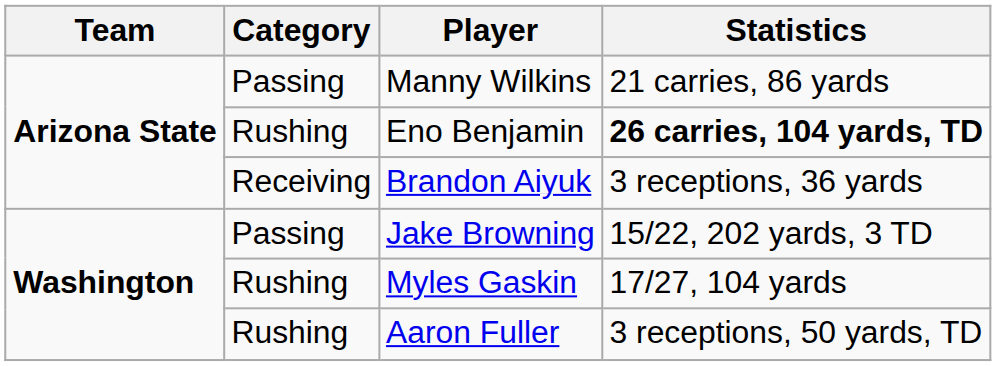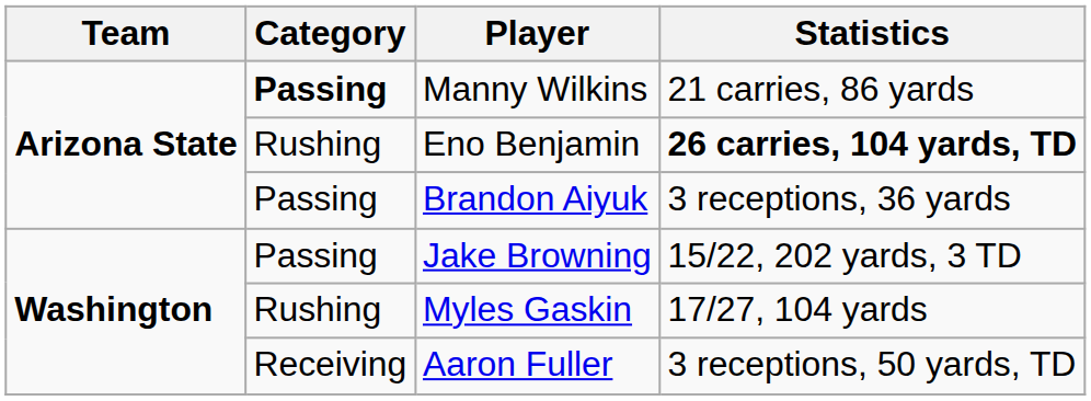 <table class="wikitable" style="float: right;">
 <tr>
 <th>Team</th>
 <th>Category</th>
 <th>Player</th>
 <th>Statistics</th>
 </tr>
 <tr>
 <td rowspan=3><strong>Arizona State</strong></td>
-<td>Passing</td>
+<td><strong>Passing</strong></td>
 <td>Manny Wilkins</td>
 <td>21 carries, 86 yards</td>
 </tr>
 <tr>
 <td>Rushing</td>
 <td>Eno Benjamin</td>
 <td><strong>26 carries, 104 yards, TD</strong></td>
 </tr>
 <tr>
-<td>Receiving</td>
+<td>Passing</td>
 <td><a href='#'>Brandon Aiyuk</a></td>
 <td>3 receptions, 36 yards</td>
 </tr>
 <tr>
 <td rowspan=3><strong>Washington</strong></td>
 <td>Passing</td>
 <td><a href='#'>Jake Browning</a></td>
 <td>15/22, 202 yards, 3 TD</td>
 </tr>
 <tr>
 <td>Rushing</td>
 <td><a href='#'>Myles Gaskin</a></td>
 <td>17/27, 104 yards</td>
 </tr>
 <tr>
-<td>Rushing</td>
+<td>Receiving</td>
 <td><a href='#'>Aaron Fuller</a></td>
 <td>3 receptions, 50 yards, TD</td>
 </tr>
 </table>
